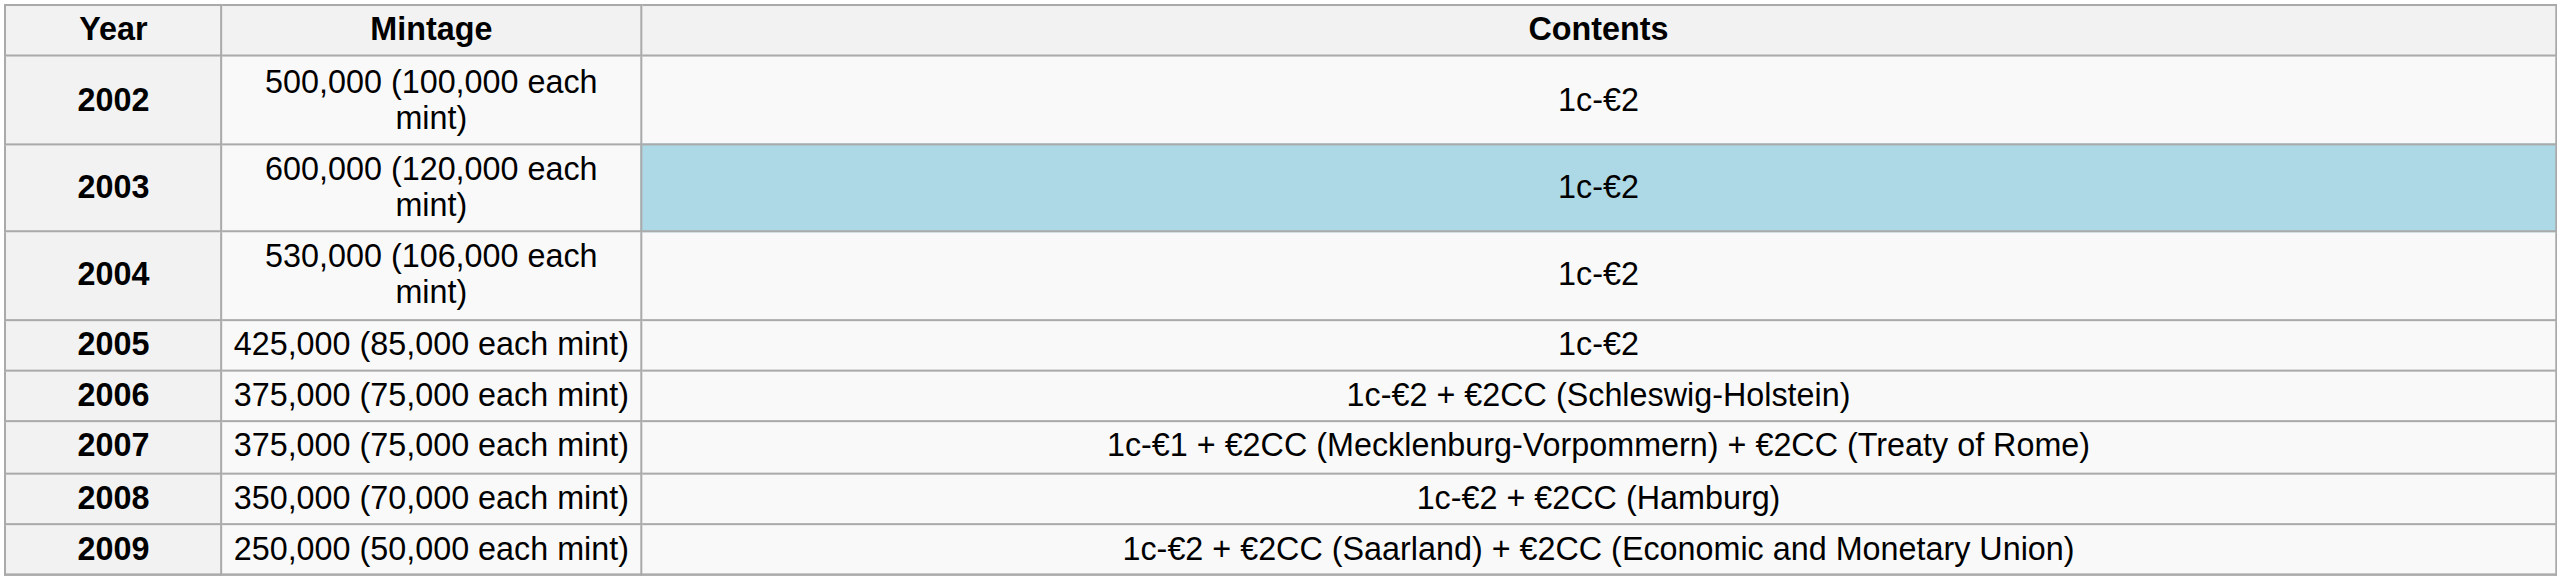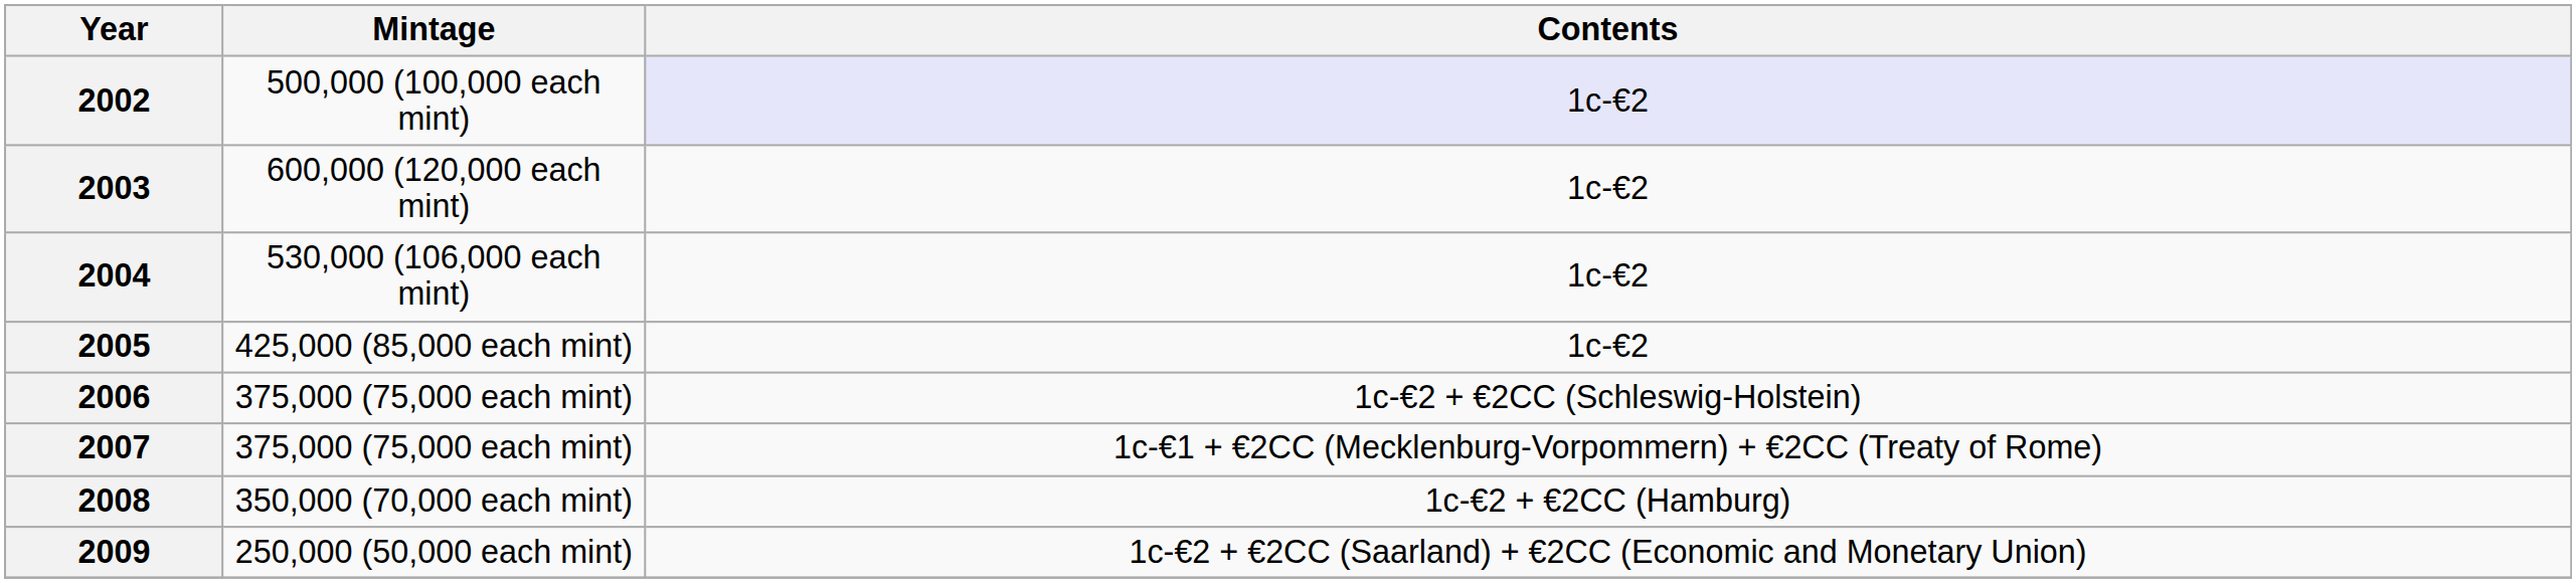 <table class="wikitable" style="width:100%;text-align:center">
 <tr>
 <th width=100px>Year</th>
 <th width=200px>Mintage</th>
 <th>Contents</th>
 </tr>
 <tr>
 <th>2002</th>
 <td>500,000 (100,000 each mint)</td>
-<td>1c-€2</td>
+<td style="background: lavender;">1c-€2</td>
 </tr>
 <tr>
 <th>2003</th>
 <td>600,000 (120,000 each mint)</td>
-<td style="background: lightblue;">1c-€2</td>
+<td>1c-€2</td>
 </tr>
 <tr>
 <th>2004</th>
 <td>530,000 (106,000 each mint)</td>
 <td>1c-€2</td>
 </tr>
 <tr>
 <th>2005</th>
 <td>425,000 (85,000 each mint)</td>
 <td>1c-€2</td>
 </tr>
 <tr>
 <th>2006</th>
 <td>375,000 (75,000 each mint)</td>
 <td>1c-€2 + €2CC (Schleswig-Holstein)</td>
 </tr>
 <tr>
 <th>2007</th>
 <td>375,000 (75,000 each mint)</td>
 <td>1c-€1 + €2CC (Mecklenburg-Vorpommern) + €2CC (Treaty of Rome)</td>
 </tr>
 <tr>
 <th>2008</th>
 <td>350,000 (70,000 each mint)</td>
 <td>1c-€2 + €2CC (Hamburg)</td>
 </tr>
 <tr>
 <th>2009</th>
 <td>250,000 (50,000 each mint)</td>
 <td>1c-€2 + €2CC (Saarland) + €2CC (Economic and Monetary Union)</td>
 </tr>
 <tr>
 </tr>
 </table>
